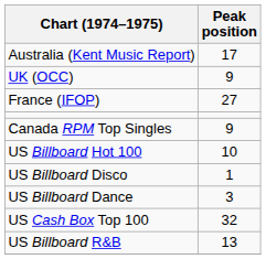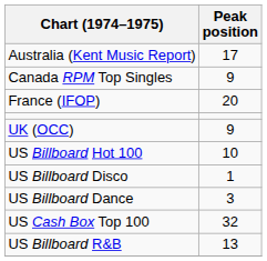 <table class="wikitable sortable">
 <tr>
 <th>Chart (1974–1975)</th>
 <th>Peak<br>position</th>
 </tr>
 <tr>
 <td>Australia (<a href='#'>Kent Music Report</a>)</td>
 <td style="text-align:center;">17</td>
 </tr>
 <tr>
-<td><a href='#'>UK</a> (<a href='#'>OCC</a>)</td>
+<td>Canada <em><a href='#'>RPM</a></em> Top Singles</td>
 <td style="text-align:center;">9</td>
 </tr>
 <tr>
 <td>France (<a href='#'>IFOP</a>)</td>
-<td align="center">27</td>
+<td align="center">20</td>
 </tr>
 <tr>
 <td></td>
 </tr>
 <tr>
-<td>Canada <em><a href='#'>RPM</a></em> Top Singles</td>
+<td><a href='#'>UK</a> (<a href='#'>OCC</a>)</td>
 <td style="text-align:center;">9</td>
 </tr>
 <tr>
 <td>US <em><a href='#'>Billboard</a></em> <a href='#'>Hot 100</a></td>
 <td style="text-align:center;">10</td>
 </tr>
 <tr>
 <td>US <em>Billboard</em> Disco</td>
 <td style="text-align:center;">1</td>
 </tr>
 <tr>
 <td>US <em>Billboard</em> Dance</td>
 <td style="text-align:center;">3</td>
 </tr>
 <tr>
 <td>US <a href='#'><em>Cash Box</em></a> Top 100</td>
 <td style="text-align:center;">32</td>
 </tr>
 <tr>
 <td>US <em>Billboard</em> <a href='#'>R&B</a></td>
 <td align="center">13</td>
 </tr>
 <tr>
 </tr>
 </table>
